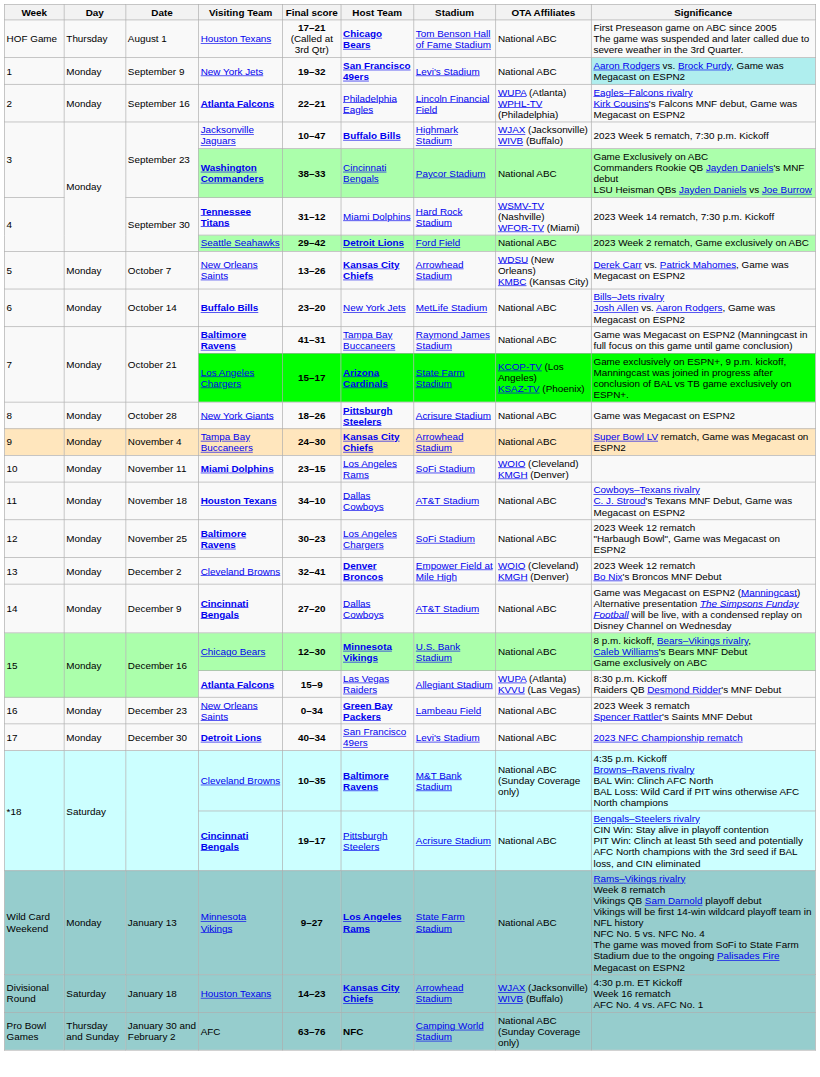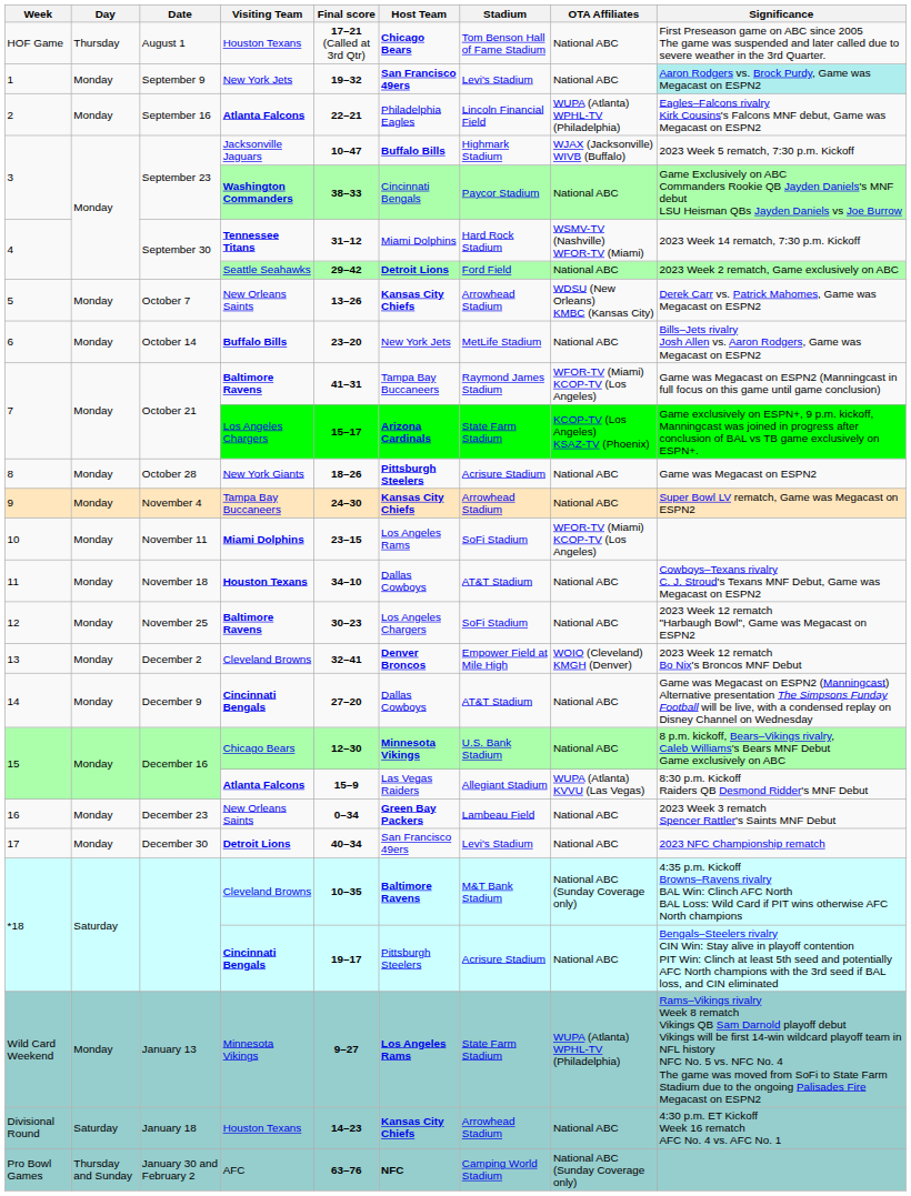 <table class="wikitable" style="font-size: 95%;">
 <tr>
 <th>Week</th>
 <th>Day</th>
 <th>Date</th>
 <th>Visiting Team</th>
 <th>Final score</th>
 <th>Host Team</th>
 <th>Stadium</th>
 <th>OTA Affiliates</th>
 <th>Significance</th>
 </tr>
 <tr>
 <td>HOF Game</td>
 <td>Thursday</td>
 <td>August 1</td>
 <td><a href='#'>Houston Texans</a></td>
 <td align="center"><strong>17–21</strong> (Called at 3rd Qtr)</td>
 <td><strong><a href='#'>Chicago Bears</a></strong></td>
 <td><a href='#'>Tom Benson Hall of Fame Stadium</a></td>
 <td>National ABC</td>
 <td>First Preseason game on ABC since 2005<br>The game was suspended and later called due to severe weather in the 3rd Quarter.</td>
 </tr>
 <tr>
 <td>1</td>
 <td>Monday</td>
 <td>September 9</td>
 <td><a href='#'>New York Jets</a></td>
 <td align="center"><strong>19–32</strong></td>
 <td><strong><a href='#'>San Francisco 49ers</a></strong></td>
 <td><a href='#'>Levi's Stadium</a></td>
 <td>National ABC</td>
 <td style="background: paleturquoise;"><a href='#'>Aaron Rodgers</a> vs. <a href='#'>Brock Purdy</a>, Game was Megacast on ESPN2</td>
 </tr>
 <tr>
 <td>2</td>
 <td>Monday</td>
 <td>September 16</td>
 <td><strong><a href='#'>Atlanta Falcons</a></strong></td>
 <td align="center"><strong>22–21</strong></td>
 <td><a href='#'>Philadelphia Eagles</a></td>
 <td><a href='#'>Lincoln Financial Field</a></td>
 <td><a href='#'>WUPA</a> (Atlanta)<br><a href='#'>WPHL-TV</a> (Philadelphia)</td>
 <td><a href='#'>Eagles–Falcons rivalry</a><br><a href='#'>Kirk Cousins</a>'s Falcons MNF debut, Game was Megacast on ESPN2</td>
 </tr>
 <tr>
 <td rowspan="2">3</td>
 <td rowspan="4">Monday</td>
 <td rowspan="2">September 23</td>
 <td><a href='#'>Jacksonville Jaguars</a></td>
 <td align="center"><strong>10–47</strong></td>
 <td><strong><a href='#'>Buffalo Bills</a></strong></td>
 <td><a href='#'>Highmark Stadium</a></td>
 <td><a href='#'>WJAX</a> (Jacksonville)<br><a href='#'>WIVB</a> (Buffalo)</td>
 <td>2023 Week 5 rematch, 7:30 p.m. Kickoff</td>
 </tr>
 <tr bgcolor="#ABFFAB">
 <td><strong><a href='#'>Washington Commanders</a></strong></td>
 <td align="center"><strong>38–33</strong></td>
 <td><a href='#'>Cincinnati Bengals</a></td>
 <td><a href='#'>Paycor Stadium</a></td>
 <td>National ABC</td>
 <td>Game Exclusively on ABC<br>Commanders Rookie QB <a href='#'>Jayden Daniels</a>'s MNF debut<br>LSU Heisman QBs <a href='#'>Jayden Daniels</a> vs <a href='#'>Joe Burrow</a></td>
 </tr>
 <tr>
 <td rowspan="2">4</td>
 <td rowspan="2">September 30</td>
 <td><strong><a href='#'>Tennessee Titans</a></strong></td>
 <td align="center"><strong>31–12</strong></td>
 <td><a href='#'>Miami Dolphins</a></td>
 <td><a href='#'>Hard Rock Stadium</a></td>
 <td><a href='#'>WSMV-TV</a> (Nashville)<br><a href='#'>WFOR-TV</a> (Miami)</td>
 <td>2023 Week 14 rematch, 7:30 p.m. Kickoff</td>
 </tr>
 <tr bgcolor="#ABFFAB">
 <td><a href='#'>Seattle Seahawks</a></td>
 <td align="center"><strong>29–42</strong></td>
 <td><strong><a href='#'>Detroit Lions</a></strong></td>
 <td><a href='#'>Ford Field</a></td>
 <td>National ABC</td>
 <td>2023 Week 2 rematch, Game exclusively on ABC</td>
 </tr>
 <tr>
 <td>5</td>
 <td>Monday</td>
 <td>October 7</td>
 <td><a href='#'>New Orleans Saints</a></td>
 <td align="center"><strong>13–26</strong></td>
 <td><strong><a href='#'>Kansas City Chiefs</a></strong></td>
 <td><a href='#'>Arrowhead Stadium</a></td>
 <td><a href='#'>WDSU</a> (New Orleans)<br><a href='#'>KMBC</a> (Kansas City)</td>
 <td><a href='#'>Derek Carr</a> vs. <a href='#'>Patrick Mahomes</a>, Game was Megacast on ESPN2</td>
 </tr>
 <tr>
 <td>6</td>
 <td>Monday</td>
 <td>October 14</td>
 <td><strong><a href='#'>Buffalo Bills</a></strong></td>
 <td align="center"><strong>23–20</strong></td>
 <td><a href='#'>New York Jets</a></td>
 <td><a href='#'>MetLife Stadium</a></td>
 <td>National ABC</td>
 <td><a href='#'>Bills–Jets rivalry</a><br><a href='#'>Josh Allen</a> vs. <a href='#'>Aaron Rodgers</a>, Game was Megacast on ESPN2</td>
 </tr>
 <tr>
 <td rowspan="2">7</td>
 <td rowspan="2">Monday</td>
 <td rowspan="2">October 21</td>
 <td><strong><a href='#'>Baltimore Ravens</a></strong></td>
 <td align="center"><strong>41–31</strong></td>
 <td><a href='#'>Tampa Bay Buccaneers</a></td>
 <td><a href='#'>Raymond James Stadium</a></td>
-<td>National ABC</td>
+<td><a href='#'>WFOR-TV</a> (Miami)<br><a href='#'>KCOP-TV</a> (Los Angeles)</td>
 <td>Game was Megacast on ESPN2 (Manningcast in full focus on this game until game conclusion) </td>
 </tr>
 <tr bgcolor="00ff00">
 <td><a href='#'>Los Angeles Chargers</a></td>
 <td align="center"><strong>15–17</strong></td>
 <td><strong><a href='#'>Arizona Cardinals</a></strong></td>
 <td><a href='#'>State Farm Stadium</a></td>
 <td><a href='#'>KCOP-TV</a> (Los Angeles)<br><a href='#'>KSAZ-TV</a> (Phoenix)</td>
 <td>Game exclusively on ESPN+, 9 p.m. kickoff, Manningcast was joined in progress after conclusion of BAL vs TB game exclusively on ESPN+.</td>
 </tr>
 <tr>
 <td>8</td>
 <td>Monday</td>
 <td>October 28</td>
 <td><a href='#'>New York Giants</a></td>
 <td align="center"><strong>18–26</strong></td>
 <td><strong><a href='#'>Pittsburgh Steelers</a></strong></td>
 <td><a href='#'>Acrisure Stadium</a></td>
 <td>National ABC</td>
 <td>Game was Megacast on ESPN2</td>
 </tr>
 <tr -- bgcolor="#FFE6BD">
 <td>9</td>
 <td>Monday</td>
 <td>November 4</td>
 <td><a href='#'>Tampa Bay Buccaneers</a></td>
 <td align="center"><strong>24–30</strong></td>
 <td><strong><a href='#'>Kansas City Chiefs</a></strong></td>
 <td><a href='#'>Arrowhead Stadium</a></td>
 <td>National ABC</td>
 <td><a href='#'>Super Bowl LV</a> rematch, Game was Megacast on ESPN2</td>
 </tr>
 <tr>
 <td>10</td>
 <td>Monday</td>
 <td>November 11</td>
 <td><strong><a href='#'>Miami Dolphins</a></strong></td>
 <td align="center"><strong>23–15</strong></td>
 <td><a href='#'>Los Angeles Rams</a></td>
 <td><a href='#'>SoFi Stadium</a></td>
-<td><a href='#'>WOIO</a> (Cleveland)<br><a href='#'>KMGH</a> (Denver)</td>
+<td><a href='#'>WFOR-TV</a> (Miami)<br><a href='#'>KCOP-TV</a> (Los Angeles)</td>
 <td></td>
 </tr>
 <tr>
 <td>11</td>
 <td>Monday</td>
 <td>November 18</td>
 <td><strong><a href='#'>Houston Texans</a></strong></td>
 <td align="center"><strong>34–10</strong></td>
 <td><a href='#'>Dallas Cowboys</a></td>
 <td><a href='#'>AT&T Stadium</a></td>
 <td>National ABC</td>
 <td><a href='#'>Cowboys–Texans rivalry</a><br><a href='#'>C. J. Stroud</a>'s Texans MNF Debut, Game was Megacast on ESPN2</td>
 </tr>
 <tr>
 <td>12</td>
 <td>Monday</td>
 <td>November 25</td>
 <td><strong><a href='#'>Baltimore Ravens</a></strong></td>
 <td align="center"><strong>30–23</strong></td>
 <td><a href='#'>Los Angeles Chargers</a></td>
 <td><a href='#'>SoFi Stadium</a></td>
 <td>National ABC</td>
 <td>2023 Week 12 rematch<br>"Harbaugh Bowl", Game was Megacast on ESPN2</td>
 </tr>
 <tr>
 <td>13</td>
 <td>Monday</td>
 <td>December 2</td>
 <td><a href='#'>Cleveland Browns</a></td>
 <td align="center"><strong>32–41</strong></td>
 <td><strong><a href='#'>Denver Broncos</a></strong></td>
 <td><a href='#'>Empower Field at Mile High</a></td>
 <td><a href='#'>WOIO</a> (Cleveland)<br><a href='#'>KMGH</a> (Denver)</td>
 <td>2023 Week 12 rematch<br><a href='#'>Bo Nix</a>'s Broncos MNF Debut</td>
 </tr>
 <tr>
 <td>14</td>
 <td>Monday</td>
 <td>December 9</td>
 <td><strong><a href='#'>Cincinnati Bengals</a></strong></td>
 <td align="center"><strong>27–20</strong></td>
 <td><a href='#'>Dallas Cowboys</a></td>
 <td><a href='#'>AT&T Stadium</a></td>
 <td>National ABC</td>
 <td>Game was Megacast on ESPN2 (<a href='#'>Manningcast</a>)<br>Alternative presentation <em><a href='#'>The Simpsons Funday Football</a></em> will be live, with a condensed replay on Disney Channel on Wednesday </td>
 </tr>
 <tr bgcolor="#ABFFAB">
 <td rowspan="2">15</td>
 <td rowspan="2">Monday</td>
 <td rowspan="2">December 16</td>
 <td><a href='#'>Chicago Bears</a></td>
 <td align="center"><strong>12–30</strong></td>
 <td><strong><a href='#'>Minnesota Vikings</a></strong></td>
 <td><a href='#'>U.S. Bank Stadium</a></td>
 <td>National ABC</td>
 <td>8 p.m. kickoff,  <a href='#'>Bears–Vikings rivalry</a>,<br><a href='#'>Caleb Williams</a>'s Bears MNF Debut<br>Game exclusively on ABC</td>
 </tr>
 <tr>
 <td><strong><a href='#'>Atlanta Falcons</a></strong></td>
 <td align="center"><strong>15–9</strong></td>
 <td><a href='#'>Las Vegas Raiders</a></td>
 <td><a href='#'>Allegiant Stadium</a></td>
 <td><a href='#'>WUPA</a> (Atlanta)<br><a href='#'>KVVU</a> (Las Vegas)</td>
 <td>8:30 p.m. Kickoff<br>Raiders QB <a href='#'>Desmond Ridder</a>'s MNF Debut</td>
 </tr>
 <tr>
 <td>16</td>
 <td>Monday</td>
 <td>December 23</td>
 <td><a href='#'>New Orleans Saints</a></td>
 <td align="center"><strong>0–34</strong></td>
 <td><strong><a href='#'>Green Bay Packers</a></strong></td>
 <td><a href='#'>Lambeau Field</a></td>
 <td>National ABC</td>
 <td>2023 Week 3 rematch<br><a href='#'>Spencer Rattler</a>'s Saints MNF Debut</td>
 </tr>
 <tr>
 <td>17</td>
 <td>Monday</td>
 <td>December 30</td>
 <td><strong><a href='#'>Detroit Lions</a></strong></td>
 <td align="center"><strong>40–34</strong></td>
 <td><a href='#'>San Francisco 49ers</a></td>
 <td><a href='#'>Levi's Stadium</a></td>
 <td>National ABC</td>
 <td><a href='#'>2023 NFC Championship rematch</a></td>
 </tr>
 <tr bgcolor="#ccffff">
 <td rowspan="2">*18</td>
 <td rowspan="2">Saturday</td>
 <td rowspan="2"></td>
 <td><a href='#'>Cleveland Browns</a></td>
 <td align="center"><strong>10–35</strong></td>
 <td><strong><a href='#'>Baltimore Ravens</a></strong></td>
 <td><a href='#'>M&T Bank Stadium</a></td>
 <td>National ABC (Sunday Coverage only)</td>
 <td>4:35 p.m. Kickoff <br><a href='#'>Browns–Ravens rivalry</a><br>BAL Win: Clinch AFC North<br>BAL Loss: Wild Card if PIT wins otherwise AFC North champions</td>
 </tr>
 <tr bgcolor="#ccffff">
 <td><strong><a href='#'>Cincinnati Bengals</a></strong></td>
 <td align="center"><strong>19–17</strong></td>
 <td><a href='#'>Pittsburgh Steelers</a></td>
 <td><a href='#'>Acrisure Stadium</a></td>
 <td>National ABC</td>
 <td><a href='#'>Bengals–Steelers rivalry</a><br>CIN Win: Stay alive in playoff contention<br>PIT Win: Clinch at least 5th seed and potentially AFC North champions with the 3rd seed if BAL loss, and CIN eliminated</td>
 </tr>
 <tr bgcolor="96cdcd">
 <td>Wild Card Weekend</td>
 <td>Monday</td>
 <td>January 13</td>
 <td><a href='#'>Minnesota Vikings</a></td>
 <td align="center"><strong>9–27</strong></td>
 <td><strong><a href='#'>Los Angeles Rams</a></strong></td>
 <td><a href='#'>State Farm Stadium</a></td>
-<td>National ABC</td>
+<td><a href='#'>WUPA</a> (Atlanta)<br><a href='#'>WPHL-TV</a> (Philadelphia)</td>
 <td><a href='#'>Rams–Vikings rivalry</a><br>Week 8 rematch<br>Vikings QB <a href='#'>Sam Darnold</a> playoff debut<br>Vikings will be first 14-win wildcard playoff team in NFL history<br>NFC No. 5 vs. NFC No. 4<br>The game was moved from SoFi to State Farm Stadium due to the ongoing <a href='#'>Palisades Fire</a><br>Megacast on ESPN2</td>
 </tr>
 <tr bgcolor="96cdcd">
 <td>Divisional Round</td>
 <td>Saturday</td>
 <td>January 18</td>
 <td><a href='#'>Houston Texans</a></td>
 <td align="center"><strong>14–23</strong></td>
 <td><strong><a href='#'>Kansas City Chiefs</a></strong></td>
 <td><a href='#'>Arrowhead Stadium</a></td>
-<td><a href='#'>WJAX</a> (Jacksonville)<br><a href='#'>WIVB</a> (Buffalo)</td>
+<td>National ABC</td>
 <td>4:30 p.m. ET Kickoff<br>Week 16 rematch<br>AFC No. 4 vs. AFC No. 1</td>
 </tr>
 <tr bgcolor="96cdcd">
 <td>Pro Bowl Games</td>
 <td>Thursday and Sunday</td>
 <td>January 30 and February 2</td>
 <td>AFC</td>
 <td align="center"><strong>63–76</strong></td>
 <td><strong>NFC</strong></td>
 <td><a href='#'>Camping World Stadium</a></td>
 <td>National ABC (Sunday Coverage only)</td>
 <td></td>
 </tr>
 </table>
